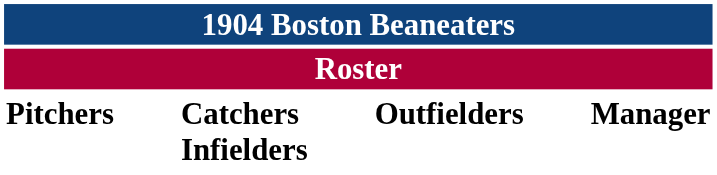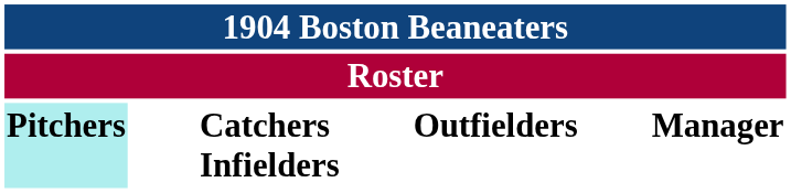 <table class="toccolours" style="font-size: 95%;">
 <tr>
 <th colspan="10" style="background-color: #0f437c; color: white; text-align: center;">1904 Boston Beaneaters</th>
 </tr>
 <tr>
 <td colspan="10" style="background-color: #af0039; color: white; text-align: center;"><strong>Roster</strong></td>
 </tr>
 <tr>
-<td valign="top"><strong>Pitchers</strong><br>     </td>
+<td valign="top" style="background: paleturquoise;"><strong>Pitchers</strong><br>     </td>
 <td width="25px"></td>
 <td valign="top"><strong>Catchers</strong><br>    <strong>Infielders</strong>      </td>
 <td width="25px"></td>
 <td valign="top"><strong>Outfielders</strong><br>       </td>
 <td width="25px"></td>
 <td valign="top"><strong>Manager</strong><br></td>
 </tr>
 </table>
